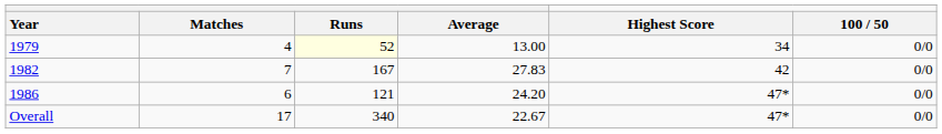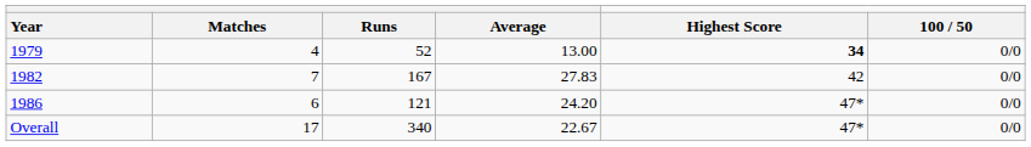 <table class="wikitable" style="margin: 1em auto 1em auto" width="80%">
 <tr>
 <th colspan=4></th>
 </tr>
 <tr>
 <th style="text-align:left;">Year</th>
 <th>Matches</th>
 <th>Runs</th>
 <th>Average</th>
 <th>Highest Score</th>
 <th>100 / 50</th>
 </tr>
 <tr style="text-align:right;">
 <td style="text-align:left;"><a href='#'>1979</a></td>
 <td>4</td>
-<td style="background: lightyellow;">52</td>
+<td>52</td>
 <td>13.00</td>
-<td>34</td>
+<td><strong>34</strong></td>
 <td>0/0</td>
 </tr>
 <tr style="text-align:right;">
 <td style="text-align:left;"><a href='#'>1982</a></td>
 <td>7</td>
 <td>167</td>
 <td>27.83</td>
 <td>42</td>
 <td>0/0</td>
 </tr>
 <tr style="text-align:right;">
 <td style="text-align:left;"><a href='#'>1986</a></td>
 <td>6</td>
 <td>121</td>
 <td>24.20</td>
 <td>47*</td>
 <td>0/0</td>
 </tr>
 <tr style="text-align:right;">
 <td style="text-align:left;"><a href='#'>Overall</a></td>
 <td>17</td>
 <td>340</td>
 <td>22.67</td>
 <td>47*</td>
 <td>0/0</td>
 </tr>
 </table>
